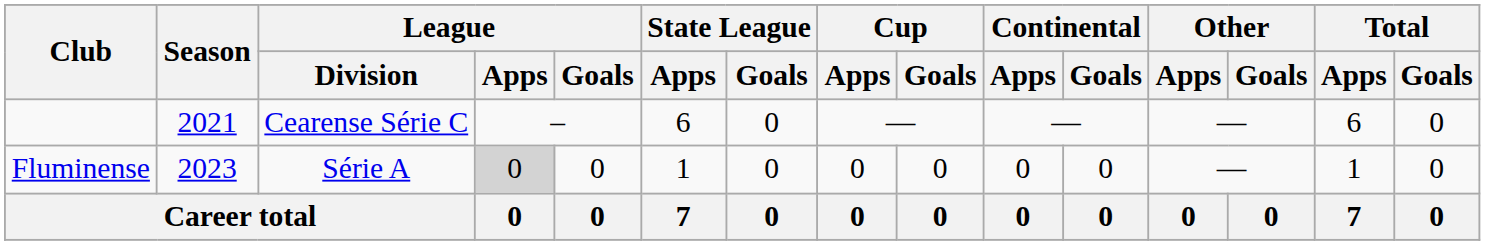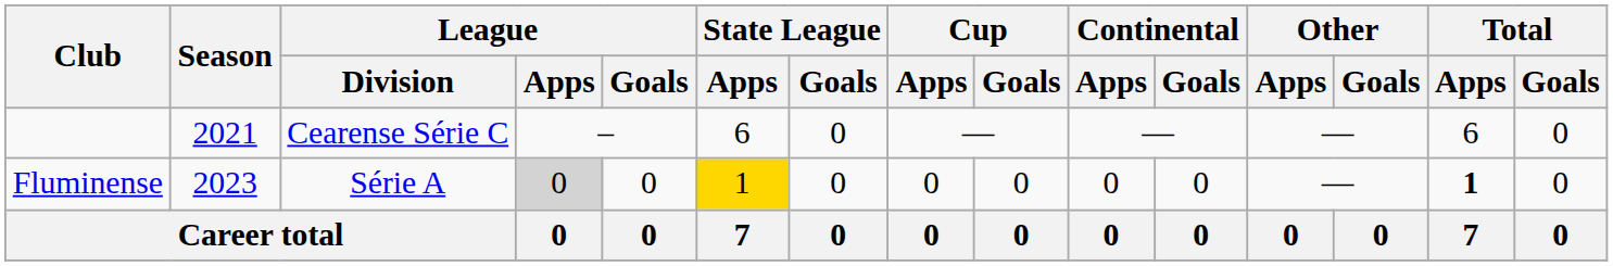 <table class="wikitable" style="text-align:center">
 <tr>
 <th rowspan="2">Club</th>
 <th rowspan="2">Season</th>
 <th colspan="3">League</th>
 <th colspan="2">State League</th>
 <th colspan="2">Cup</th>
 <th colspan="2">Continental</th>
 <th colspan="2">Other</th>
 <th colspan="2">Total</th>
 </tr>
 <tr>
 <th>Division</th>
 <th>Apps</th>
 <th>Goals</th>
 <th>Apps</th>
 <th>Goals</th>
 <th>Apps</th>
 <th>Goals</th>
 <th>Apps</th>
 <th>Goals</th>
 <th>Apps</th>
 <th>Goals</th>
 <th>Apps</th>
 <th>Goals</th>
 </tr>
 <tr>
 <td></td>
 <td><a href='#'>2021</a></td>
 <td><a href='#'>Cearense Série C</a></td>
 <td colspan=2>–</td>
 <td>6</td>
 <td>0</td>
 <td colspan=2>—</td>
 <td colspan=2>—</td>
 <td colspan=2>—</td>
 <td>6</td>
 <td>0</td>
 </tr>
 <tr>
 <td><a href='#'>Fluminense</a></td>
 <td><a href='#'>2023</a></td>
 <td><a href='#'>Série A</a></td>
 <td style="background: lightgrey;">0</td>
 <td>0</td>
-<td>1</td>
+<td style="background: gold;">1</td>
 <td>0</td>
 <td>0</td>
 <td>0</td>
 <td>0</td>
 <td>0</td>
 <td colspan=2>—</td>
-<td>1</td>
+<td><strong>1</strong></td>
 <td>0</td>
 </tr>
 <tr>
 <th colspan=3><strong>Career total</strong></th>
 <th>0</th>
 <th>0</th>
 <th>7</th>
 <th>0</th>
 <th>0</th>
 <th>0</th>
 <th>0</th>
 <th>0</th>
 <th>0</th>
 <th>0</th>
 <th>7</th>
 <th>0</th>
 </tr>
 </table>
